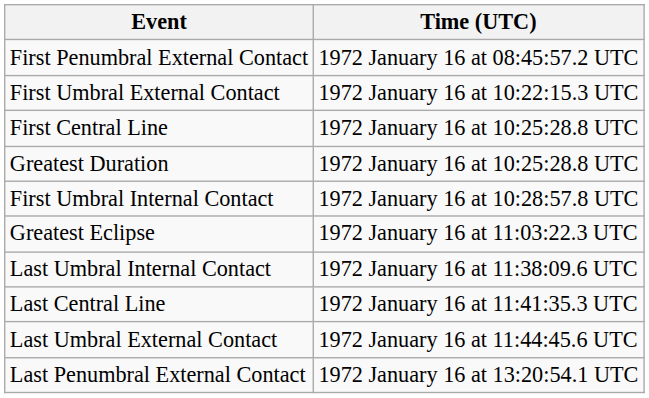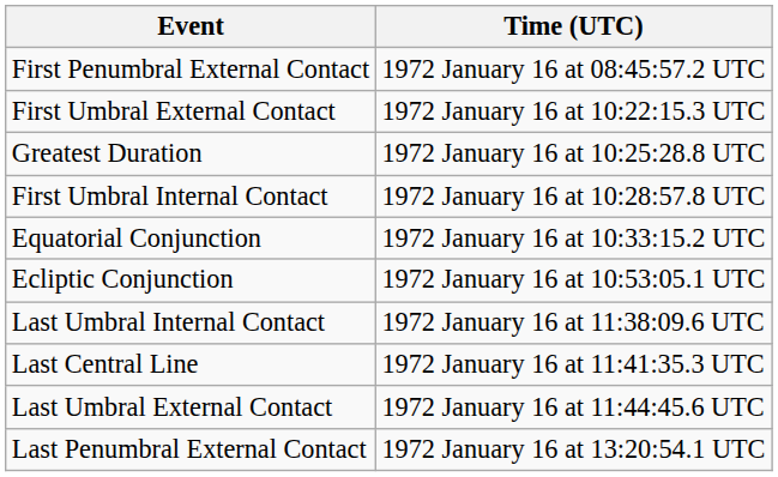 <table class="wikitable">
 <tr>
 <th>Event</th>
 <th>Time (UTC)</th>
 </tr>
 <tr>
 <td>First Penumbral External Contact</td>
 <td>1972 January 16 at 08:45:57.2 UTC</td>
 </tr>
 <tr>
 <td>First Umbral External Contact</td>
 <td>1972 January 16 at 10:22:15.3 UTC</td>
 </tr>
 <tr>
-<td>First Central Line</td>
-<td>1972 January 16 at 10:25:28.8 UTC</td>
-</tr>
-<tr>
 <td>Greatest Duration</td>
 <td>1972 January 16 at 10:25:28.8 UTC</td>
 </tr>
 <tr>
 <td>First Umbral Internal Contact</td>
 <td>1972 January 16 at 10:28:57.8 UTC</td>
 </tr>
 <tr>
-<td>Greatest Eclipse</td>
-<td>1972 January 16 at 11:03:22.3 UTC</td>
+<td>Equatorial Conjunction</td>
+<td>1972 January 16 at 10:33:15.2 UTC</td>
+</tr>
+<tr>
+<td>Ecliptic Conjunction</td>
+<td>1972 January 16 at 10:53:05.1 UTC</td>
 </tr>
 <tr>
 <td>Last Umbral Internal Contact</td>
 <td>1972 January 16 at 11:38:09.6 UTC</td>
 </tr>
 <tr>
 <td>Last Central Line</td>
 <td>1972 January 16 at 11:41:35.3 UTC</td>
 </tr>
 <tr>
 <td>Last Umbral External Contact</td>
 <td>1972 January 16 at 11:44:45.6 UTC</td>
 </tr>
 <tr>
 <td>Last Penumbral External Contact</td>
 <td>1972 January 16 at 13:20:54.1 UTC</td>
 </tr>
 </table>
